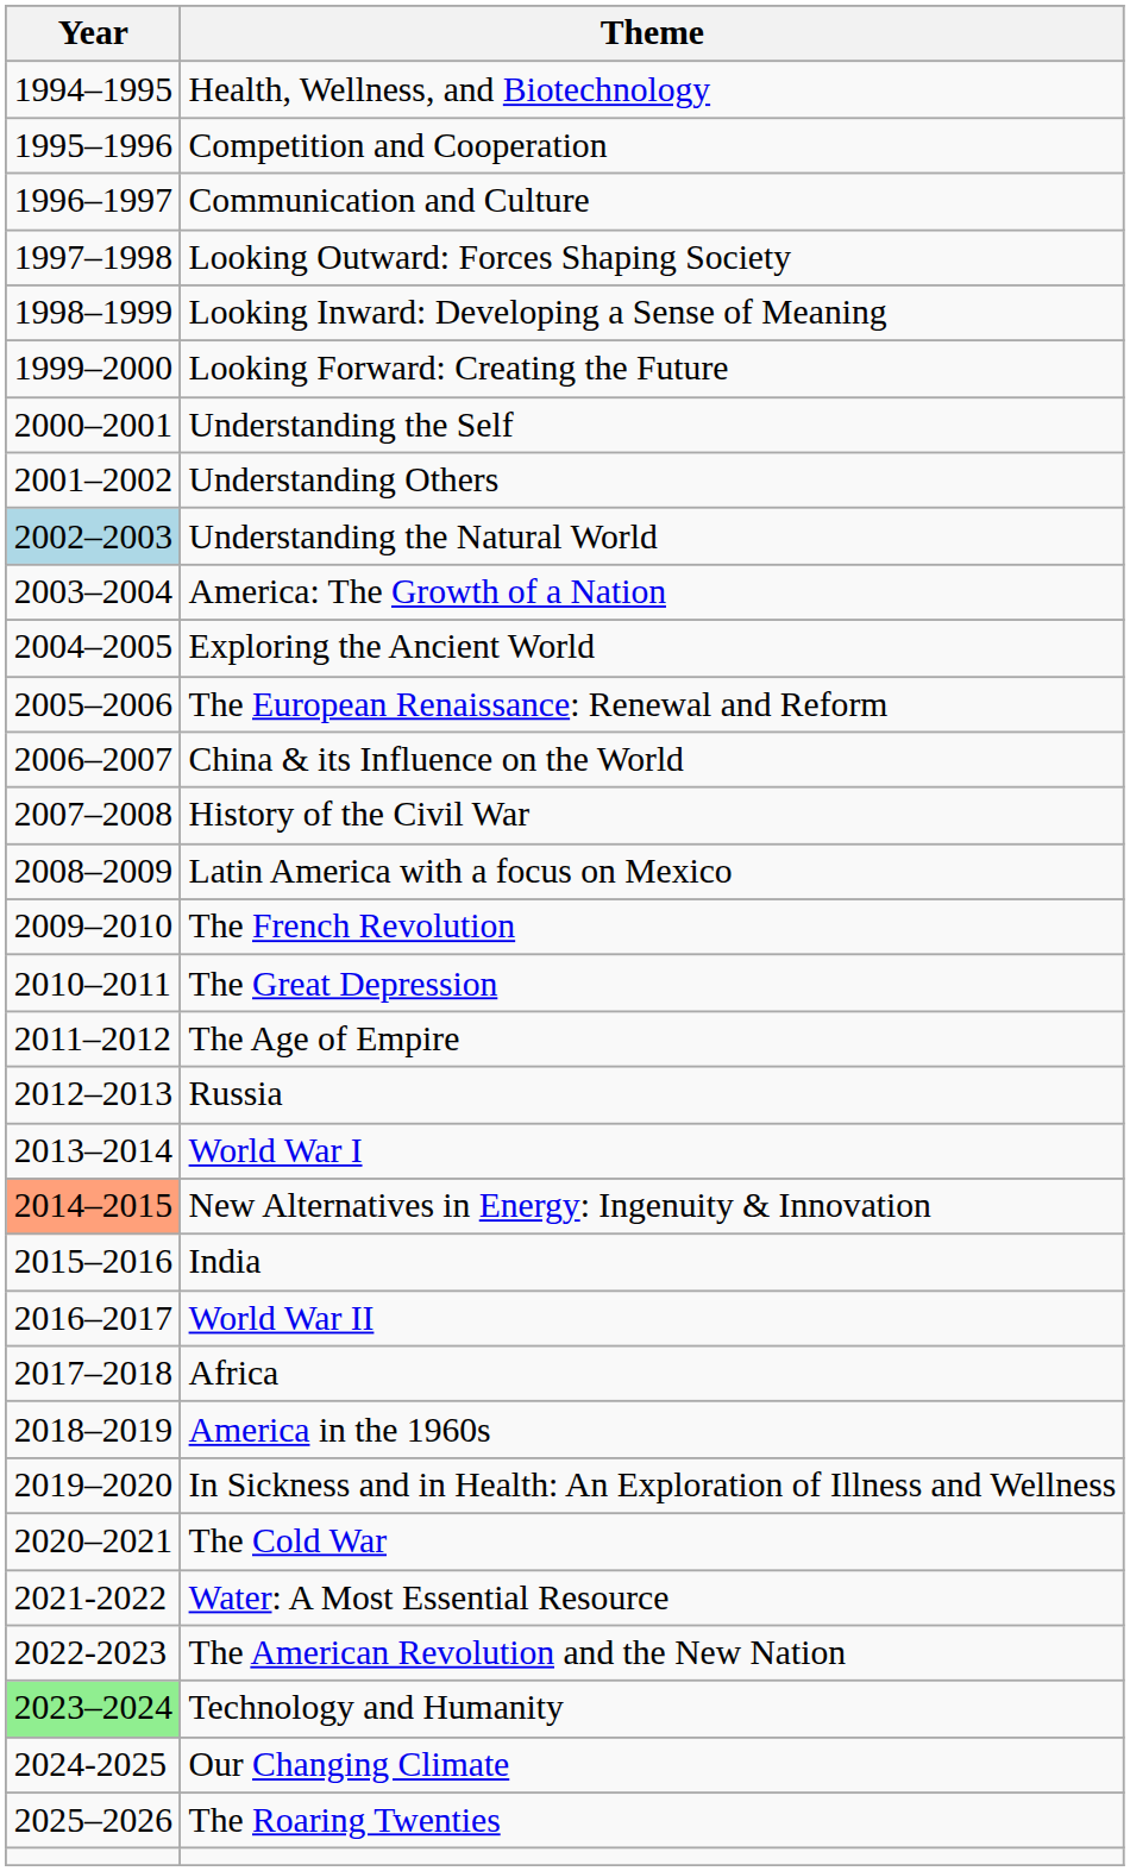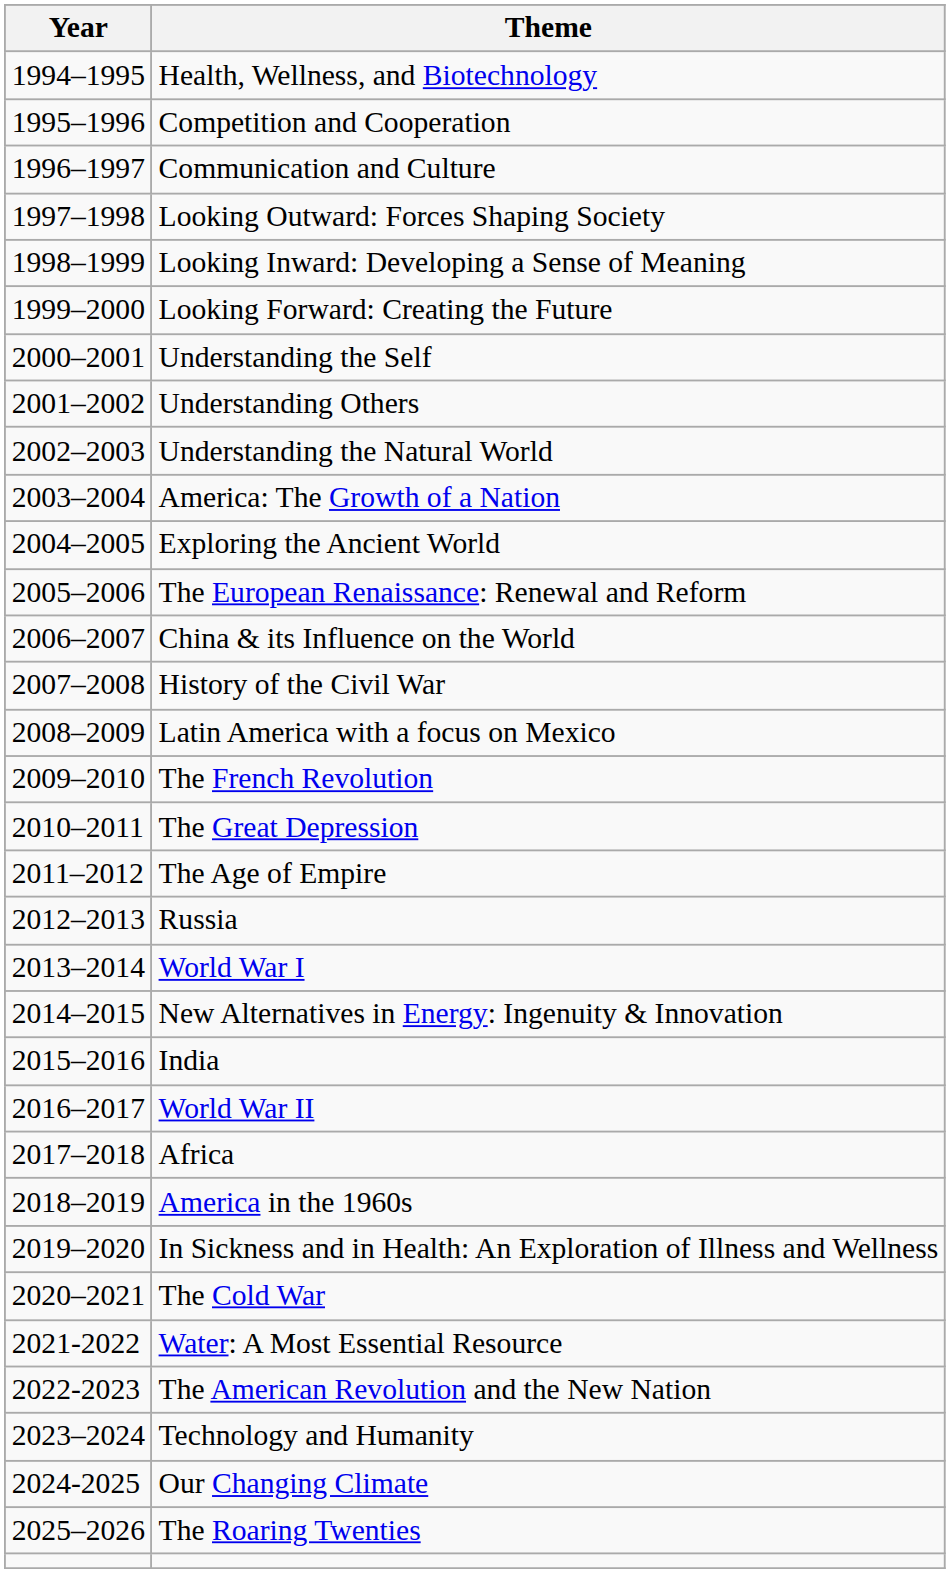 <table class = "wikitable sortable">
 <tr>
 <th>Year</th>
 <th>Theme</th>
 </tr>
 <tr>
 <td>1994–1995</td>
 <td>Health, Wellness, and <a href='#'>Biotechnology</a></td>
 </tr>
 <tr>
 <td>1995–1996</td>
 <td>Competition and Cooperation</td>
 </tr>
 <tr>
 <td>1996–1997</td>
 <td>Communication and Culture</td>
 </tr>
 <tr>
 <td>1997–1998</td>
 <td>Looking Outward: Forces Shaping Society</td>
 </tr>
 <tr>
 <td>1998–1999</td>
 <td>Looking Inward: Developing a Sense of Meaning</td>
 </tr>
 <tr>
 <td>1999–2000</td>
 <td>Looking Forward: Creating the Future</td>
 </tr>
 <tr>
 <td>2000–2001</td>
 <td>Understanding the Self</td>
 </tr>
 <tr>
 <td>2001–2002</td>
 <td>Understanding Others</td>
 </tr>
 <tr>
-<td style="background: lightblue;">2002–2003</td>
+<td>2002–2003</td>
 <td>Understanding the Natural World</td>
 </tr>
 <tr>
 <td>2003–2004</td>
 <td>America: The <a href='#'>Growth of a Nation</a></td>
 </tr>
 <tr>
 <td>2004–2005</td>
 <td>Exploring the Ancient World</td>
 </tr>
 <tr>
 <td>2005–2006</td>
 <td>The <a href='#'>European Renaissance</a>: Renewal and Reform</td>
 </tr>
 <tr>
 <td>2006–2007</td>
 <td>China & its Influence on the World</td>
 </tr>
 <tr>
 <td>2007–2008</td>
 <td>History of the Civil War</td>
 </tr>
 <tr>
 <td>2008–2009</td>
 <td>Latin America with a focus on Mexico</td>
 </tr>
 <tr>
 <td>2009–2010</td>
 <td>The <a href='#'>French Revolution</a></td>
 </tr>
 <tr>
 <td>2010–2011</td>
 <td>The <a href='#'>Great Depression</a></td>
 </tr>
 <tr>
 <td>2011–2012</td>
 <td>The Age of Empire</td>
 </tr>
 <tr>
 <td>2012–2013</td>
 <td>Russia</td>
 </tr>
 <tr>
 <td>2013–2014</td>
 <td><a href='#'>World War I</a></td>
 </tr>
 <tr>
-<td style="background: lightsalmon;">2014–2015</td>
+<td>2014–2015</td>
 <td>New Alternatives in <a href='#'>Energy</a>: Ingenuity & Innovation</td>
 </tr>
 <tr>
 <td>2015–2016</td>
 <td>India</td>
 </tr>
 <tr>
 <td>2016–2017</td>
 <td><a href='#'>World War II</a></td>
 </tr>
 <tr>
 <td>2017–2018</td>
 <td>Africa</td>
 </tr>
 <tr>
 <td>2018–2019</td>
 <td><a href='#'>America</a> in the 1960s</td>
 </tr>
 <tr>
 <td>2019–2020</td>
 <td>In Sickness and in Health: An Exploration of Illness and Wellness</td>
 </tr>
 <tr>
 <td>2020–2021</td>
 <td>The <a href='#'>Cold War</a></td>
 </tr>
 <tr>
 <td>2021-2022</td>
 <td><a href='#'>Water</a>: A Most Essential Resource</td>
 </tr>
 <tr>
 <td>2022-2023</td>
 <td>The <a href='#'>American Revolution</a> and the New Nation</td>
 </tr>
 <tr>
-<td style="background: lightgreen;">2023–2024</td>
+<td>2023–2024</td>
 <td>Technology and Humanity</td>
 </tr>
 <tr>
 <td>2024-2025</td>
 <td>Our <a href='#'>Changing Climate</a></td>
 </tr>
 <tr>
 <td>2025–2026</td>
 <td>The <a href='#'>Roaring Twenties</a></td>
 </tr>
 <tr>
 <td></td>
 </tr>
 </table>
